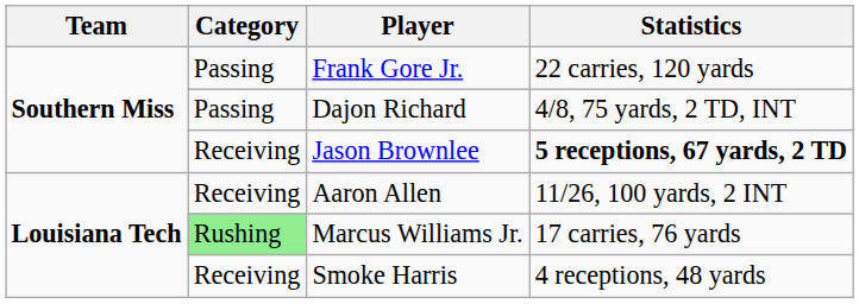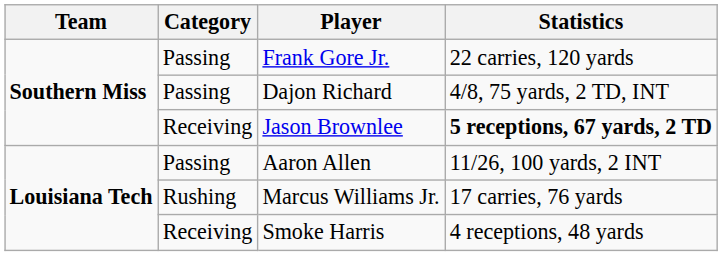 <table class="wikitable" style="float: right;">
 <tr>
 <th>Team</th>
 <th>Category</th>
 <th>Player</th>
 <th>Statistics</th>
 </tr>
 <tr>
 <td rowspan=3><strong>Southern Miss</strong></td>
 <td>Passing</td>
 <td><a href='#'>Frank Gore Jr.</a></td>
 <td>22 carries, 120 yards</td>
 </tr>
 <tr>
 <td>Passing</td>
 <td>Dajon Richard</td>
 <td>4/8, 75 yards, 2 TD, INT</td>
 </tr>
 <tr>
 <td>Receiving</td>
 <td><a href='#'>Jason Brownlee</a></td>
 <td><strong>5 receptions, 67 yards, 2 TD</strong></td>
 </tr>
 <tr>
 <td rowspan=3><strong>Louisiana Tech</strong></td>
-<td>Receiving</td>
+<td>Passing</td>
 <td>Aaron Allen</td>
 <td>11/26, 100 yards, 2 INT</td>
 </tr>
 <tr>
-<td style="background: lightgreen;">Rushing</td>
+<td>Rushing</td>
 <td>Marcus Williams Jr.</td>
 <td>17 carries, 76 yards</td>
 </tr>
 <tr>
 <td>Receiving</td>
 <td>Smoke Harris</td>
 <td>4 receptions, 48 yards</td>
 </tr>
 </table>
